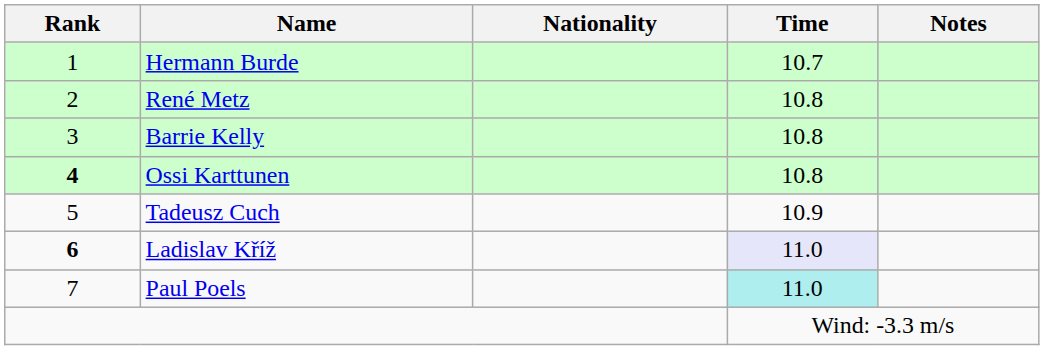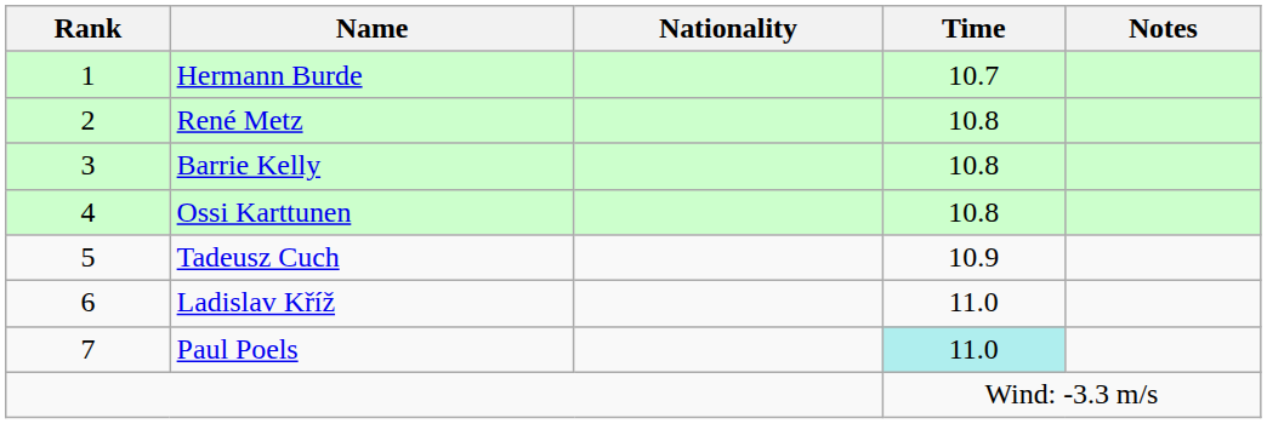 <table class="wikitable sortable" style="text-align:center;width: 55%">
 <tr>
 <th>Rank</th>
 <th>Name</th>
 <th>Nationality</th>
 <th>Time</th>
 <th>Notes</th>
 </tr>
 <tr bgcolor=ccffcc>
 <td>1</td>
 <td align=left><a href='#'>Hermann Burde</a></td>
 <td align=left></td>
 <td>10.7</td>
 <td></td>
 </tr>
 <tr bgcolor=ccffcc>
 <td>2</td>
 <td align=left><a href='#'>René Metz</a></td>
 <td align=left></td>
 <td>10.8</td>
 <td></td>
 </tr>
 <tr bgcolor=ccffcc>
 <td>3</td>
 <td align=left><a href='#'>Barrie Kelly</a></td>
 <td align=left></td>
 <td>10.8</td>
 <td></td>
 </tr>
 <tr bgcolor=ccffcc>
-<td><strong>4</strong></td>
+<td>4</td>
 <td align=left><a href='#'>Ossi Karttunen</a></td>
 <td align=left></td>
 <td>10.8</td>
 <td></td>
 </tr>
 <tr>
 <td>5</td>
 <td align=left><a href='#'>Tadeusz Cuch</a></td>
 <td align=left></td>
 <td>10.9</td>
 <td></td>
 </tr>
 <tr>
-<td><strong>6</strong></td>
+<td>6</td>
 <td align=left><a href='#'>Ladislav Kříž</a></td>
 <td align=left></td>
-<td style="background: lavender;">11.0</td>
+<td>11.0</td>
 <td></td>
 </tr>
 <tr>
 <td>7</td>
 <td align=left><a href='#'>Paul Poels</a></td>
 <td align=left></td>
 <td style="background: paleturquoise;">11.0</td>
 <td></td>
 </tr>
 <tr>
 <td colspan="3"></td>
 <td colspan="2">Wind: -3.3 m/s</td>
 </tr>
 </table>
